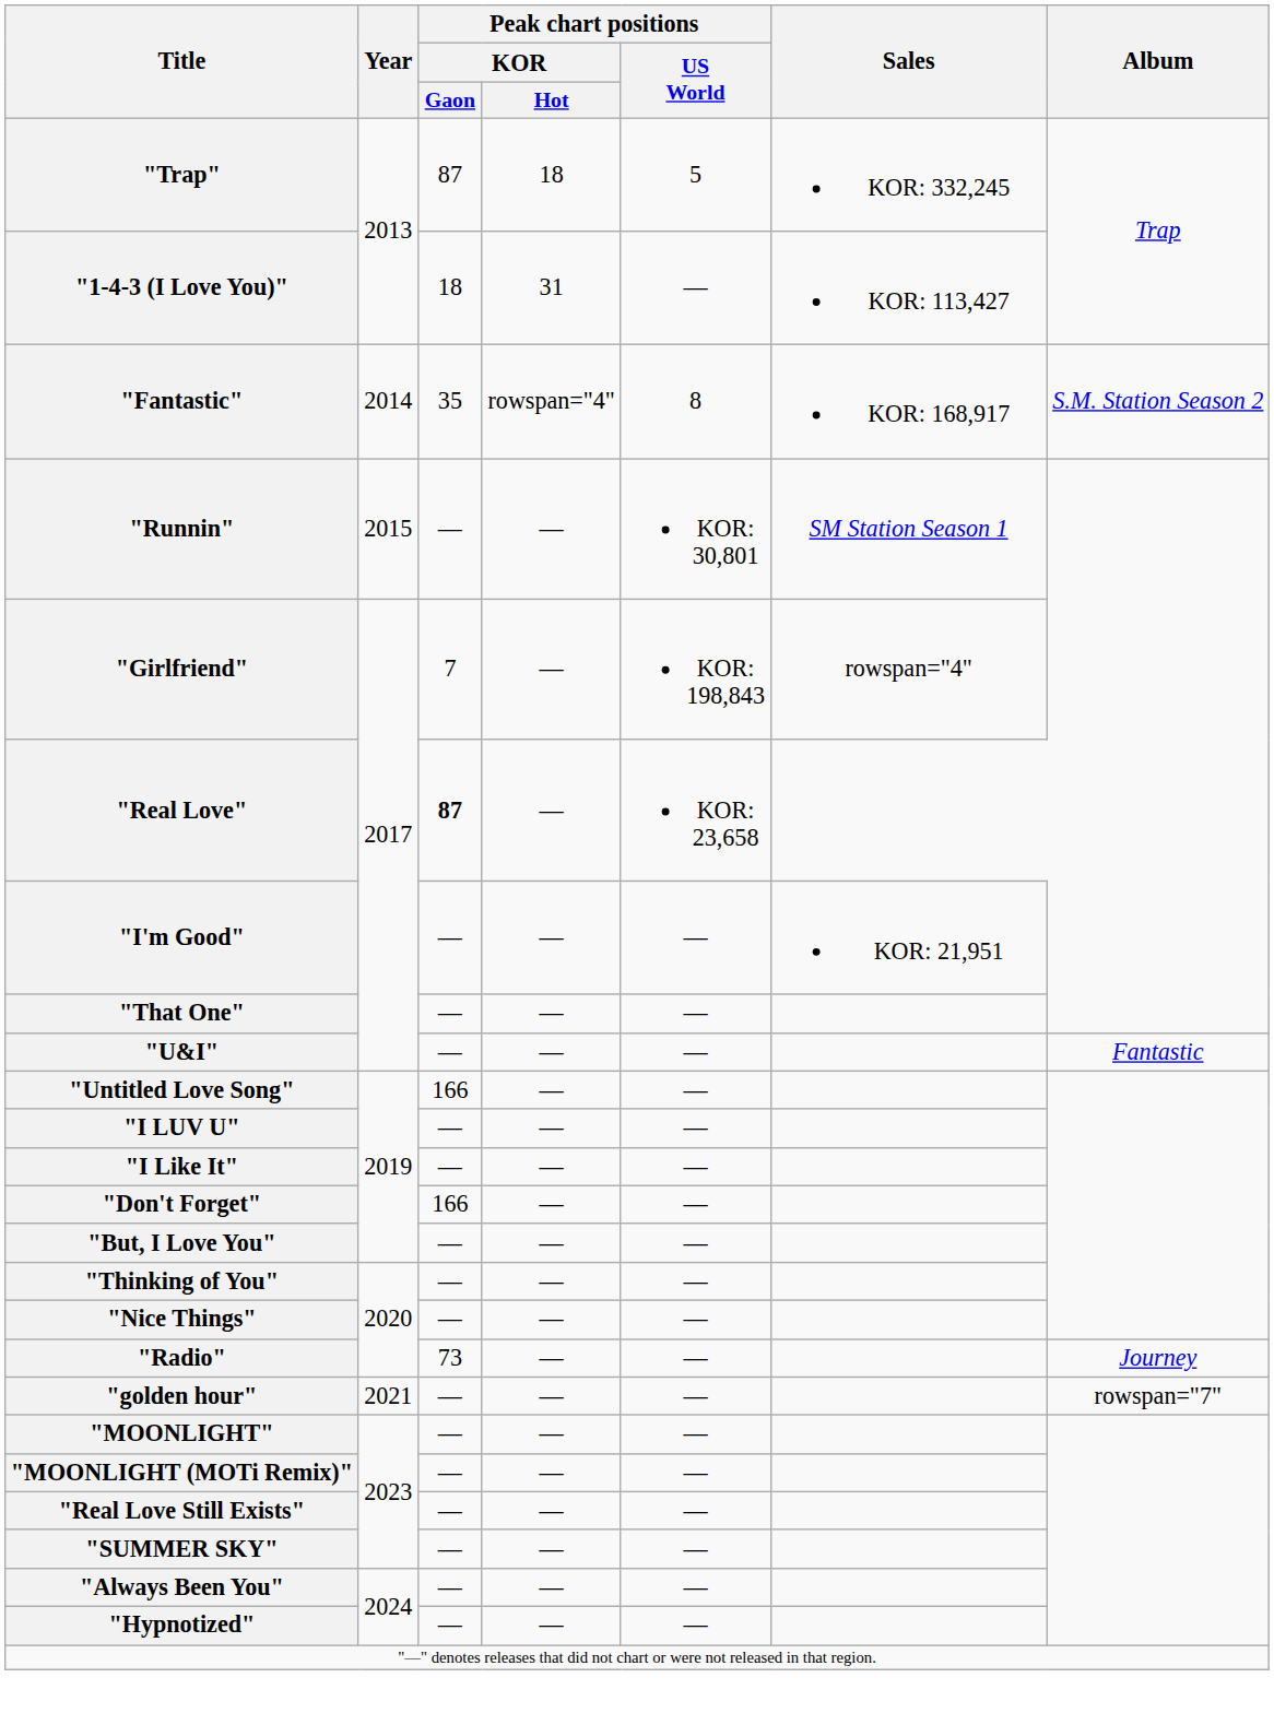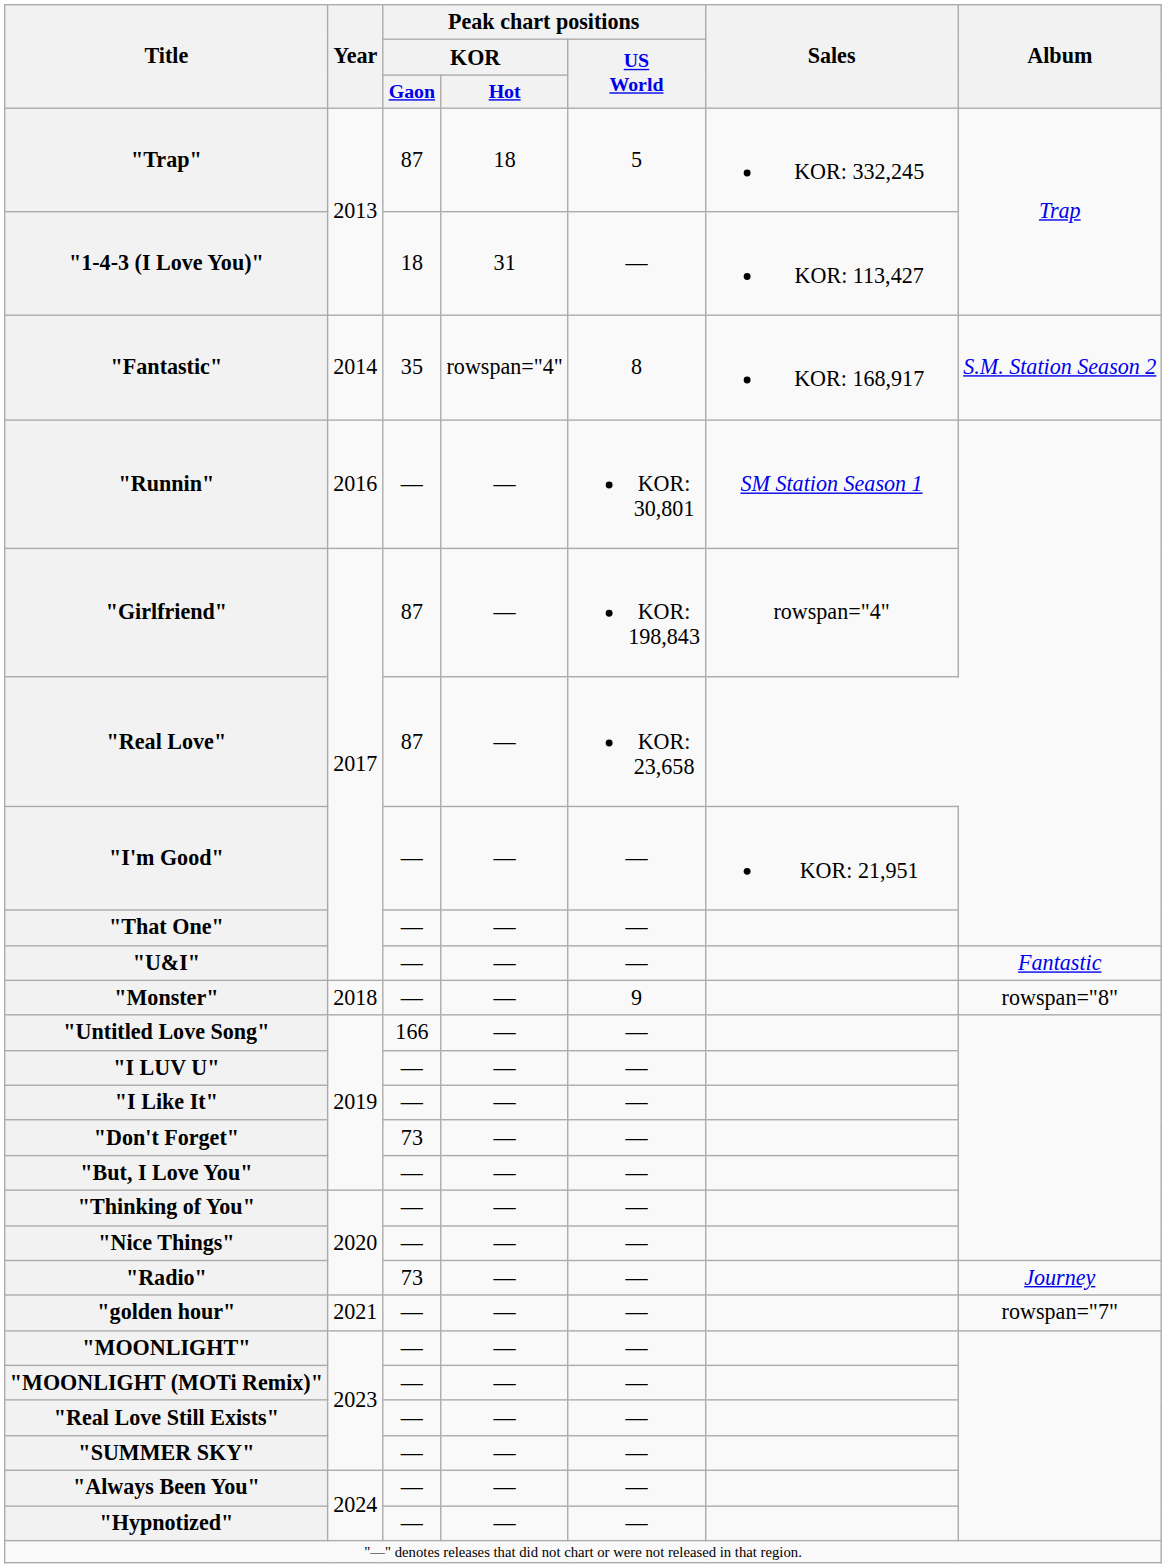 <table class="wikitable plainrowheaders" style="text-align:center;">
 <tr>
 <th scope="col" rowspan="3">Title</th>
 <th scope="col" rowspan="3">Year</th>
 <th scope="col" colspan="3">Peak chart positions</th>
 <th scope="col" rowspan="3" style="width:11em;">Sales </th>
 <th scope="col" rowspan="3">Album</th>
 </tr>
 <tr>
 <th scope="col" colspan="2">KOR</th>
 <th scope="col" rowspan="2" style="width:2.5em;font-size:90%"><a href='#'>US<br>World</a><br></th>
 </tr>
 <tr>
 <th scope="col" style="width:2.5em;font-size:90%"><a href='#'>Gaon</a><br></th>
 <th scope="col" style="width:2.5em;font-size:90%"><a href='#'>Hot</a><br></th>
 </tr>
 <tr>
 <th scope="row">"Trap" </th>
 <td rowspan="2">2013</td>
 <td>87</td>
 <td>18</td>
 <td>5</td>
 <td><br><ul><li>KOR: 332,245</li></ul></td>
 <td rowspan="2"><em><a href='#'>Trap</a></em></td>
 </tr>
 <tr>
 <th scope="row">"1-4-3 (I Love You)" </th>
 <td>18</td>
 <td>31</td>
 <td>—</td>
 <td><br><ul><li>KOR: 113,427</li></ul></td>
 </tr>
 <tr>
 <th scope="row">"Fantastic"</th>
 <td>2014</td>
 <td>35</td>
 <td>rowspan="4" </td>
 <td>8</td>
 <td><br><ul><li>KOR: 168,917</li></ul></td>
 <td><a href='#'><em>S.M. Station Season 2</em></a></td>
 </tr>
 <tr>
 <th scope="row">"Runnin" </th>
-<td>2015</td>
+<td>2016</td>
 <td>—</td>
 <td>—</td>
 <td><br><ul><li>KOR: 30,801</li></ul></td>
 <td><em><a href='#'>SM Station Season 1</a></em></td>
 </tr>
 <tr>
 <th scope="row">"Girlfriend" </th>
 <td rowspan="5">2017</td>
-<td>7</td>
+<td>87</td>
 <td>—</td>
 <td><br><ul><li>KOR: 198,843</li></ul></td>
 <td>rowspan="4" </td>
 </tr>
 <tr>
 <th scope="row">"Real Love" </th>
-<td><strong>87</strong></td>
+<td>87</td>
 <td>—</td>
 <td><br><ul><li>KOR: 23,658</li></ul></td>
 </tr>
 <tr>
 <th scope="row">"I'm Good" </th>
 <td>—</td>
 <td>—</td>
 <td>—</td>
 <td><br><ul><li>KOR: 21,951</li></ul></td>
 </tr>
 <tr>
 <th scope="row">"That One"</th>
 <td>—</td>
 <td>—</td>
 <td>—</td>
 <td></td>
 </tr>
 <tr>
 <th scope="row">"U&I" </th>
 <td>—</td>
 <td>—</td>
 <td>—</td>
 <td></td>
 <td><a href='#'><em>Fantastic</em></a></td>
 </tr>
 <tr>
+<th scope="row">"Monster"</th>
+<td rowspan="1">2018</td>
+<td>—</td>
+<td>—</td>
+<td>9</td>
+<td></td>
+<td>rowspan="8" </td>
+</tr>
+<tr>
 <th scope="row">"Untitled Love Song" </th>
 <td rowspan="5">2019</td>
 <td>166</td>
 <td>—</td>
 <td>—</td>
 <td></td>
 </tr>
 <tr>
 <th scope="row">"I LUV U"</th>
 <td>—</td>
 <td>—</td>
 <td>—</td>
 <td></td>
 </tr>
 <tr>
 <th scope="row">"I Like It" </th>
 <td>—</td>
 <td>—</td>
 <td>—</td>
 <td></td>
 </tr>
 <tr>
 <th scope="row">"Don't Forget" </th>
-<td>166</td>
+<td>73</td>
 <td>—</td>
 <td>—</td>
 <td></td>
 </tr>
 <tr>
 <th scope="row">"But, I Love You" </th>
 <td>—</td>
 <td>—</td>
 <td>—</td>
 <td></td>
 </tr>
 <tr>
 <th scope="row">"Thinking of You" </th>
 <td rowspan="3">2020</td>
 <td>—</td>
 <td>—</td>
 <td>—</td>
 <td></td>
 </tr>
 <tr>
 <th scope="row">"Nice Things" </th>
 <td>—</td>
 <td>—</td>
 <td>—</td>
 <td></td>
 </tr>
 <tr>
 <th scope="row">"Radio"</th>
 <td>73</td>
 <td>—</td>
 <td>—</td>
 <td></td>
 <td><em><a href='#'>Journey</a></em></td>
 </tr>
 <tr>
 <th scope="row">"golden hour"  </th>
 <td>2021</td>
 <td>—</td>
 <td>—</td>
 <td>—</td>
 <td></td>
 <td>rowspan="7" </td>
 </tr>
 <tr>
 <th scope="row">"MOONLIGHT"</th>
 <td rowspan="4">2023</td>
 <td>—</td>
 <td>—</td>
 <td>—</td>
 <td></td>
 </tr>
 <tr>
 <th scope="row">"MOONLIGHT (MOTi Remix)"</th>
 <td>—</td>
 <td>—</td>
 <td>—</td>
 <td></td>
 </tr>
 <tr>
 <th scope="row">"Real Love Still Exists"  </th>
 <td>—</td>
 <td>—</td>
 <td>—</td>
 <td></td>
 </tr>
 <tr>
 <th scope="row">"SUMMER SKY"</th>
 <td>—</td>
 <td>—</td>
 <td>—</td>
 <td></td>
 </tr>
 <tr>
 <th scope="row">"Always Been You"</th>
 <td rowspan="2">2024</td>
 <td>—</td>
 <td>—</td>
 <td>—</td>
 <td></td>
 </tr>
 <tr>
 <th scope="row">"Hypnotized"</th>
 <td>—</td>
 <td>—</td>
 <td>—</td>
 <td></td>
 </tr>
 <tr>
 <td colspan="7" style="font-size:8pt;">"—" denotes releases that did not chart or were not released in that region.</td>
 </tr>
 </table>
